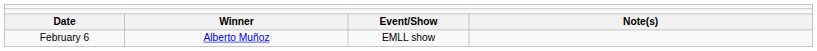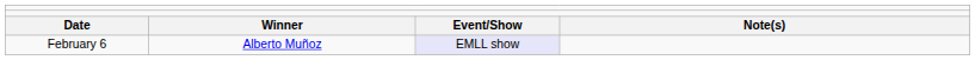 <table class="wikitable" style="text-align:center; width:100%;">
 <tr>
 <td colspan=5></td>
 </tr>
 <tr>
 <td colspan=5><strong></strong></td>
 </tr>
 <tr>
 <th width=14%>Date</th>
 <th width=26%>Winner</th>
 <th width=14%>Event/Show</th>
 <th width=40%>Note(s)</th>
 </tr>
 <tr>
 <td>February 6</td>
 <td><a href='#'>Alberto Muñoz</a></td>
-<td>EMLL show</td>
+<td style="background: lavender;">EMLL show</td>
 <td align=left></td>
 </tr>
 </table>
